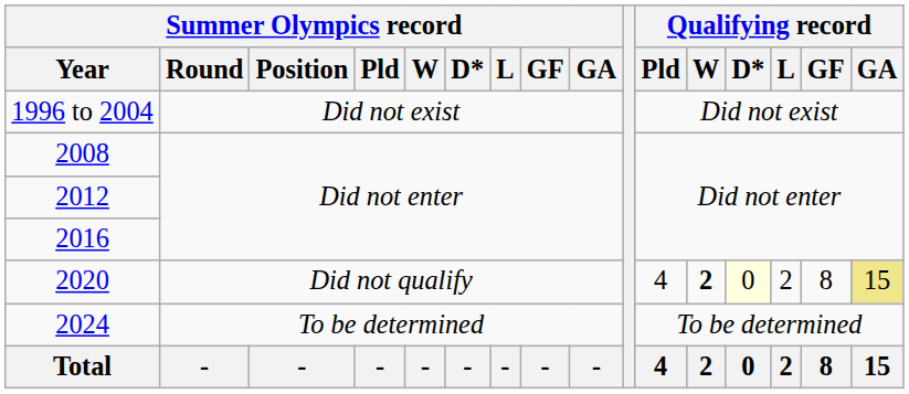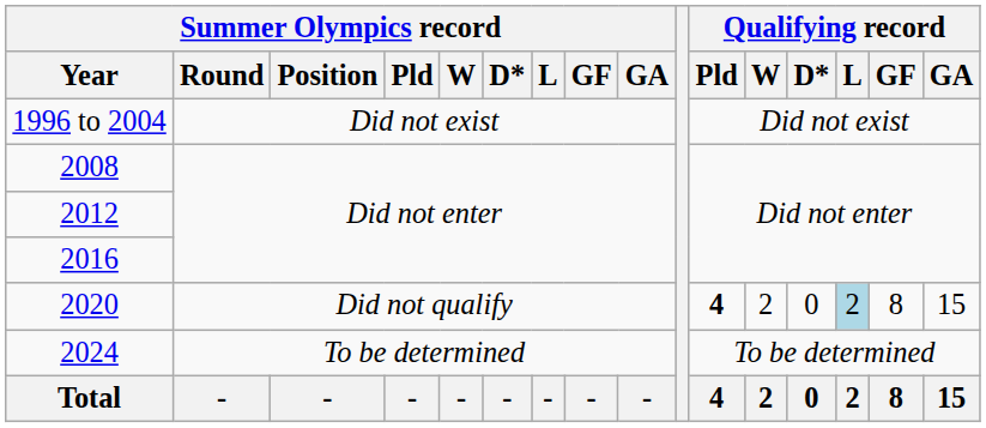 <table class="wikitable" style="text-align: center;">
 <tr>
 <th colspan=9><a href='#'>Summer Olympics</a> record</th>
 <th rowspan=12></th>
 <th colspan=6><a href='#'>Qualifying</a> record</th>
 </tr>
 <tr>
 <th>Year</th>
 <th>Round</th>
 <th>Position</th>
 <th>Pld</th>
 <th>W</th>
 <th>D*</th>
 <th>L</th>
 <th>GF</th>
 <th>GA</th>
 <th>Pld</th>
 <th>W</th>
 <th>D*</th>
 <th>L</th>
 <th>GF</th>
 <th>GA</th>
 </tr>
 <tr>
 <td> <a href='#'>1996</a> to  <a href='#'>2004</a></td>
 <td colspan=8><em>Did not exist</em></td>
 <td colspan=6><em>Did not exist</em></td>
 </tr>
 <tr>
 <td> <a href='#'>2008</a></td>
 <td colspan=8 rowspan=3><em>Did not enter</em></td>
 <td colspan=6 rowspan=3><em>Did not enter</em></td>
 </tr>
 <tr>
 <td> <a href='#'>2012</a></td>
 </tr>
 <tr>
 <td> <a href='#'>2016</a></td>
 </tr>
 <tr>
 <td> <a href='#'>2020</a></td>
 <td colspan=8><em>Did not qualify</em></td>
-<td>4</td>
-<td><strong>2</strong></td>
-<td style="background: lightyellow;">0</td>
+<td><strong>4</strong></td>
 <td>2</td>
+<td>0</td>
+<td style="background: lightblue;">2</td>
 <td>8</td>
-<td style="background: khaki;">15</td>
+<td>15</td>
 </tr>
 <tr>
 <td> <a href='#'>2024</a></td>
 <td colspan=8><em>To be determined</em></td>
 <td colspan=6><em>To be determined</em></td>
 </tr>
 <tr>
 <th>Total</th>
 <th>-</th>
 <th>-</th>
 <th>-</th>
 <th>-</th>
 <th>-</th>
 <th>-</th>
 <th>-</th>
 <th>-</th>
 <th>4</th>
 <th>2</th>
 <th>0</th>
 <th>2</th>
 <th>8</th>
 <th>15</th>
 </tr>
 </table>
